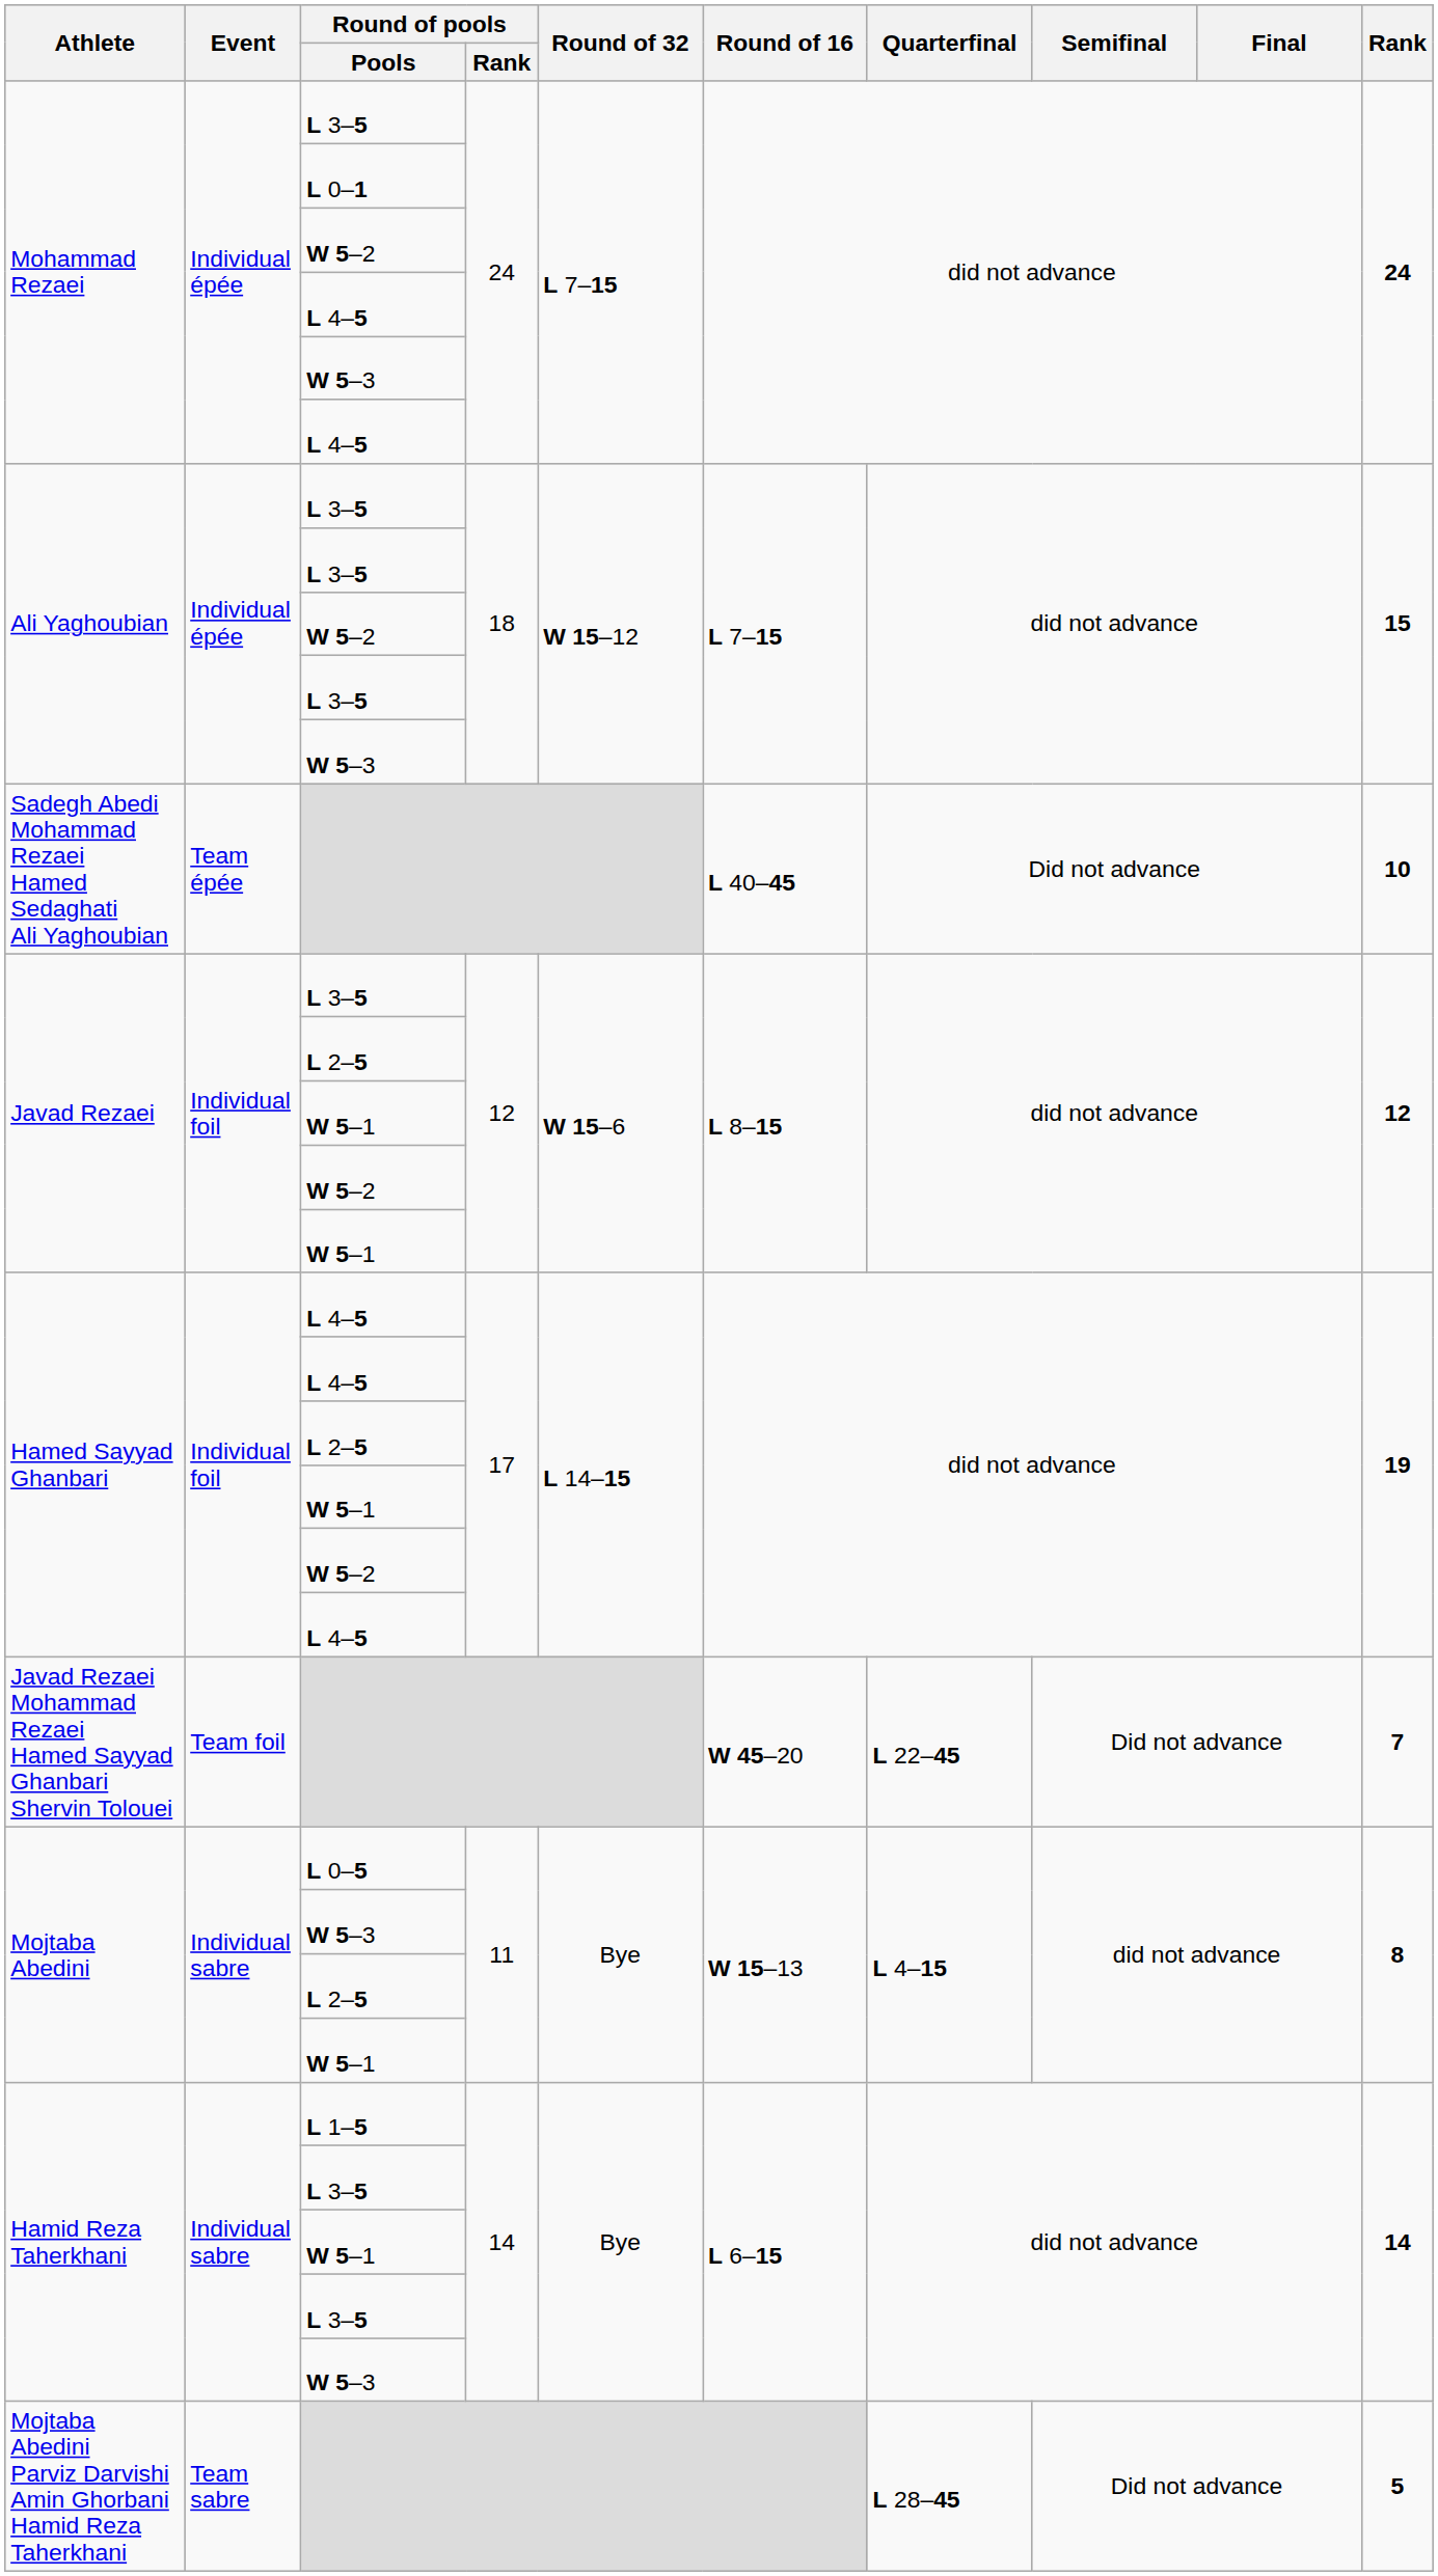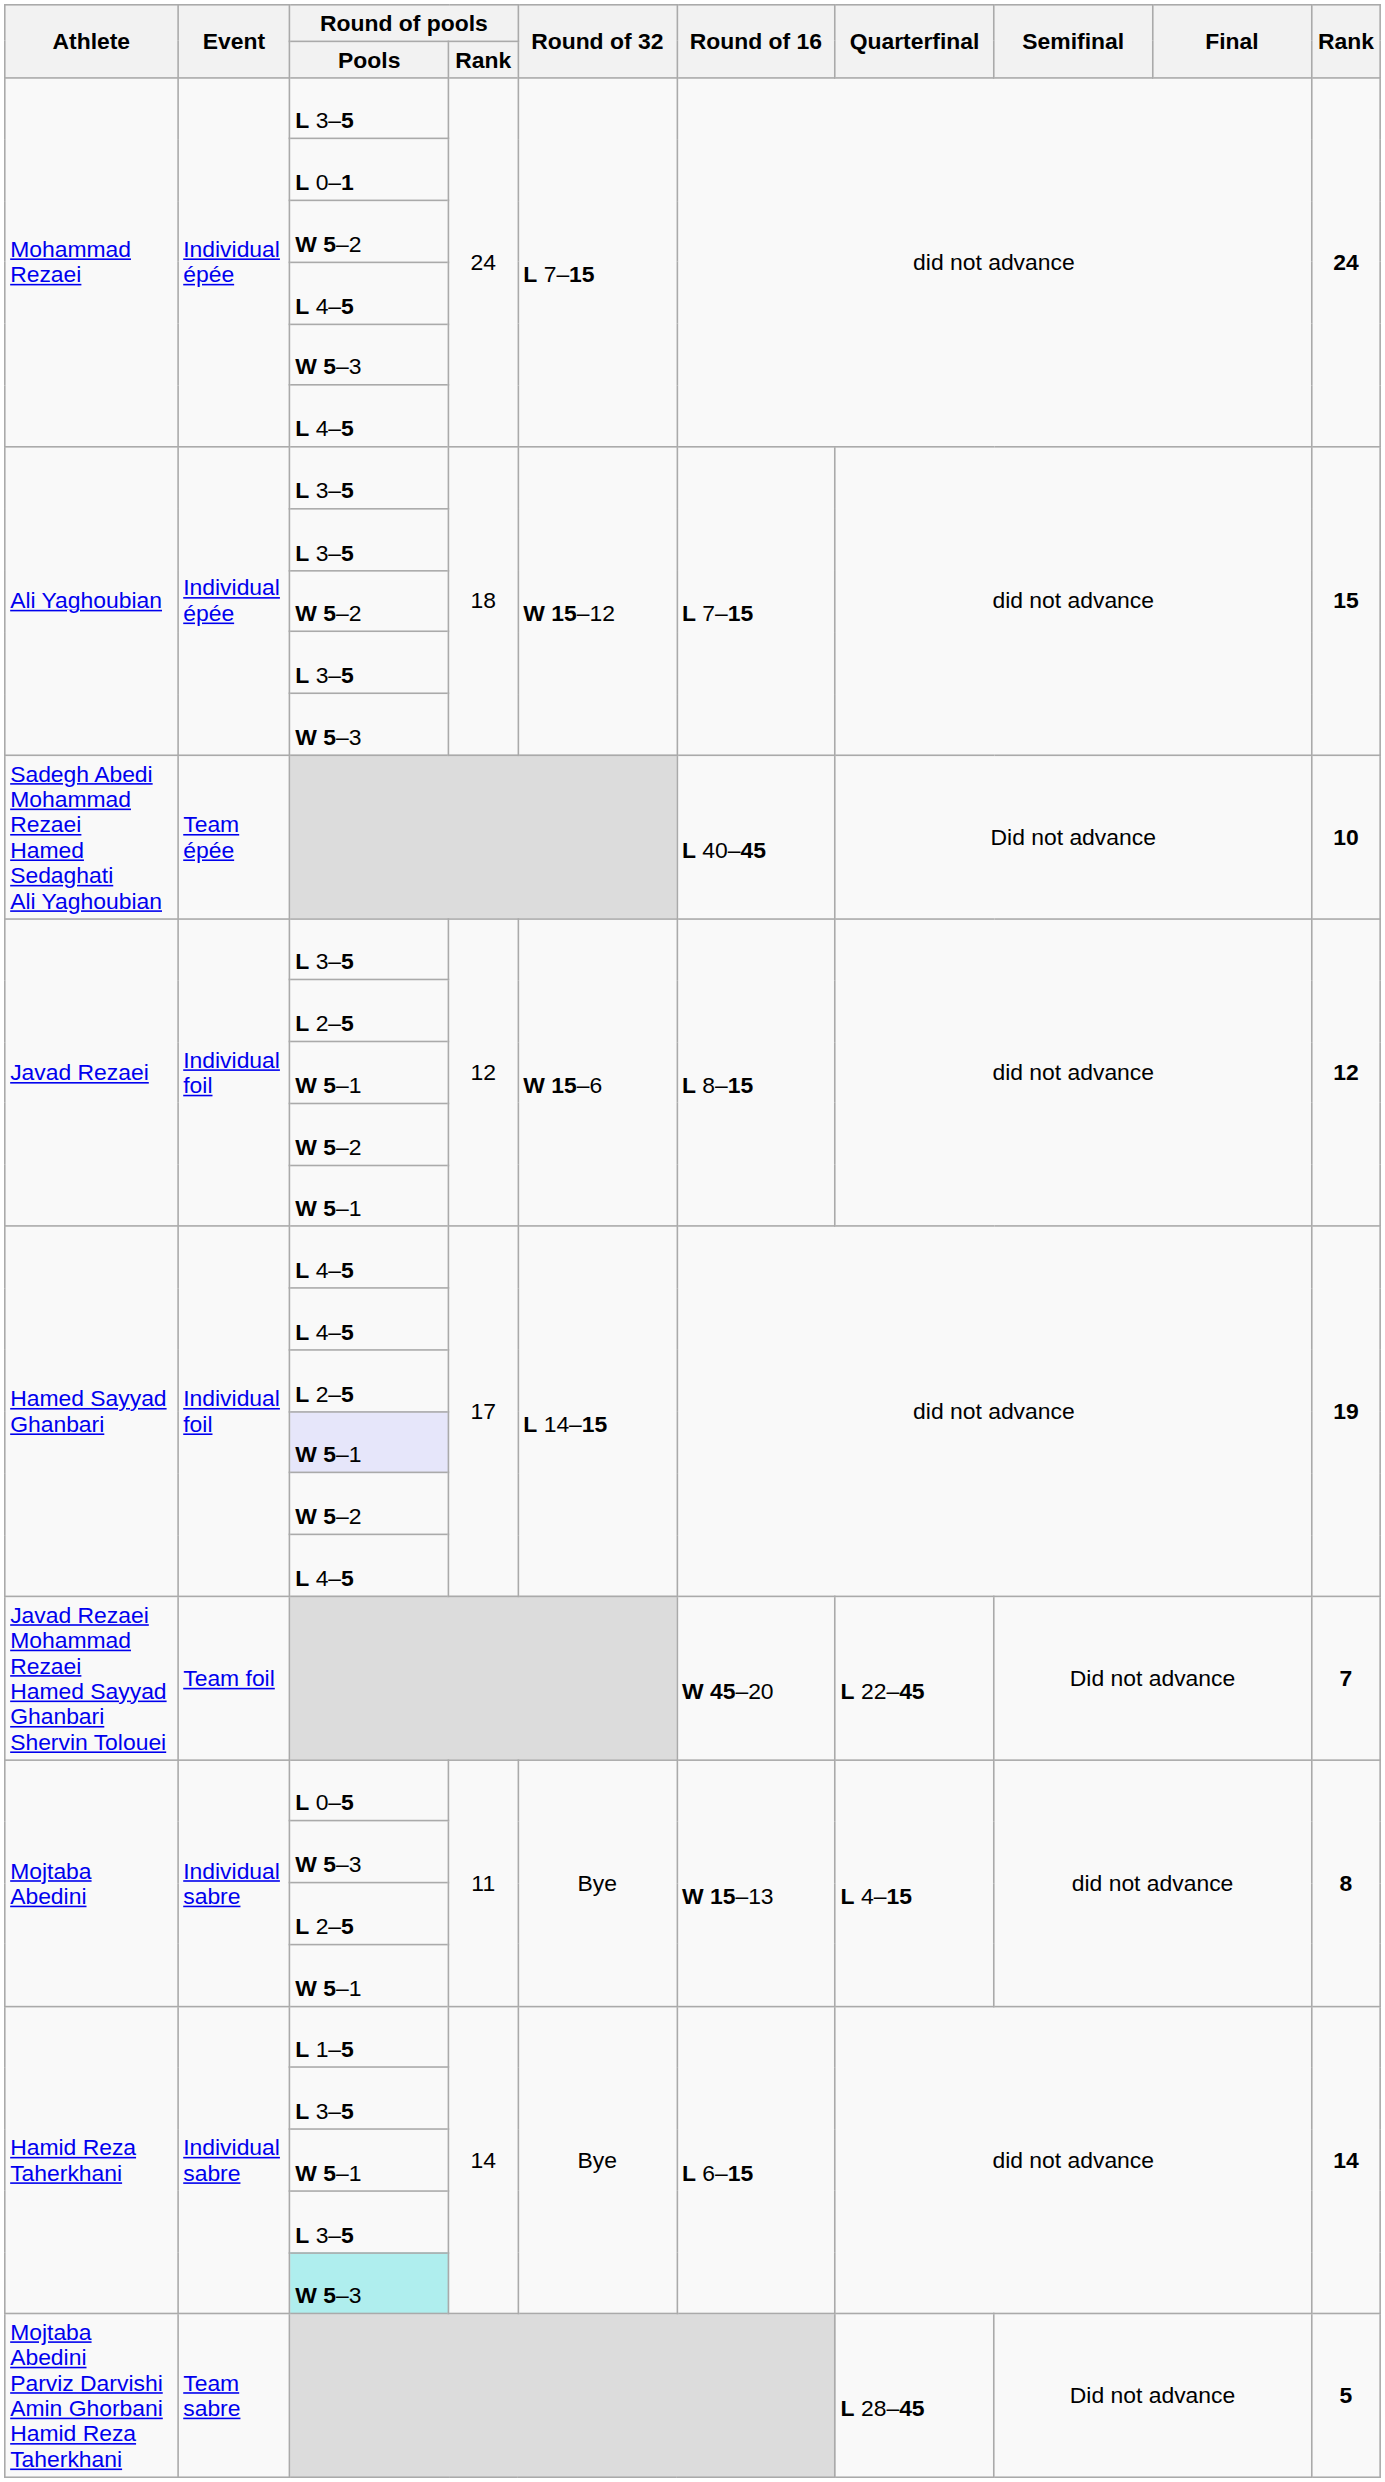 <table class="wikitable" width="98%" style="text-align:left; font-size:90%">
 <tr>
 <th rowspan="2" width="12%">Athlete</th>
 <th rowspan="2" width="7%">Event</th>
 <th colspan="2">Round of pools</th>
 <th rowspan="2" width="11%">Round of 32</th>
 <th rowspan="2" width="11%">Round of 16</th>
 <th rowspan="2" width="11%">Quarterfinal</th>
 <th rowspan="2" width="11%">Semifinal</th>
 <th rowspan="2" width="11%">Final</th>
 <th rowspan="2" width="4%">Rank</th>
 </tr>
 <tr>
 <th width="11%">Pools</th>
 <th width="4%">Rank</th>
 </tr>
 <tr>
 <td rowspan="6"><a href='#'>Mohammad Rezaei</a></td>
 <td rowspan="6"><a href='#'>Individual épée</a></td>
 <td><br><strong>L</strong> 3–<strong>5</strong></td>
 <td rowspan="6" align=center>24 <strong></strong></td>
 <td rowspan="6"><br><strong>L</strong> 7–<strong>15</strong></td>
 <td rowspan="6" colspan="4" align="center">did not advance</td>
 <td rowspan="6" align="center"><strong>24</strong></td>
 </tr>
 <tr>
 <td><br><strong>L</strong> 0–<strong>1</strong></td>
 </tr>
 <tr>
 <td><br><strong>W</strong> <strong>5</strong>–2</td>
 </tr>
 <tr>
 <td><br><strong>L</strong> 4–<strong>5</strong></td>
 </tr>
 <tr>
 <td><br><strong>W</strong> <strong>5</strong>–3</td>
 </tr>
 <tr>
 <td><br><strong>L</strong> 4–<strong>5</strong></td>
 </tr>
 <tr>
 <td rowspan="5"><a href='#'>Ali Yaghoubian</a></td>
 <td rowspan="5"><a href='#'>Individual épée</a></td>
 <td><br><strong>L</strong> 3–<strong>5</strong></td>
 <td rowspan="5" align=center>18 <strong></strong></td>
 <td rowspan="5"><br><strong>W</strong> <strong>15</strong>–12</td>
 <td rowspan="5"><br><strong>L</strong> 7–<strong>15</strong></td>
 <td rowspan="5" colspan="3" align="center">did not advance</td>
 <td rowspan="5" align="center"><strong>15</strong></td>
 </tr>
 <tr>
 <td><br><strong>L</strong> 3–<strong>5</strong></td>
 </tr>
 <tr>
 <td><br><strong>W</strong> <strong>5</strong>–2</td>
 </tr>
 <tr>
 <td><br><strong>L</strong> 3–<strong>5</strong></td>
 </tr>
 <tr>
 <td><br><strong>W</strong> <strong>5</strong>–3</td>
 </tr>
 <tr>
 <td><a href='#'>Sadegh Abedi</a><br><a href='#'>Mohammad Rezaei</a><br><a href='#'>Hamed Sedaghati</a><br><a href='#'>Ali Yaghoubian</a></td>
 <td><a href='#'>Team épée</a></td>
 <td colspan=3 bgcolor=#DCDCDC></td>
 <td><br><strong>L</strong> 40–<strong>45</strong></td>
 <td colspan=3 align=center>Did not advance</td>
 <td align="center"><strong>10</strong></td>
 </tr>
 <tr>
 <td rowspan="5"><a href='#'>Javad Rezaei</a></td>
 <td rowspan="5"><a href='#'>Individual foil</a></td>
 <td><br><strong>L</strong> 3–<strong>5</strong></td>
 <td rowspan="5" align=center>12 <strong></strong></td>
 <td rowspan="5"><br><strong>W</strong> <strong>15</strong>–6</td>
 <td rowspan="5"><br><strong>L</strong> 8–<strong>15</strong></td>
 <td rowspan="5" colspan="3" align="center">did not advance</td>
 <td rowspan="5" align="center"><strong>12</strong></td>
 </tr>
 <tr>
 <td><br><strong>L</strong> 2–<strong>5</strong></td>
 </tr>
 <tr>
 <td><br><strong>W</strong> <strong>5</strong>–1</td>
 </tr>
 <tr>
 <td><br><strong>W</strong> <strong>5</strong>–2</td>
 </tr>
 <tr>
 <td><br><strong>W</strong> <strong>5</strong>–1</td>
 </tr>
 <tr>
 <td rowspan="6"><a href='#'>Hamed Sayyad Ghanbari</a></td>
 <td rowspan="6"><a href='#'>Individual foil</a></td>
 <td><br><strong>L</strong> 4–<strong>5</strong></td>
 <td rowspan="6" align=center>17 <strong></strong></td>
 <td rowspan="6"><br><strong>L</strong> 14–<strong>15</strong></td>
 <td rowspan="6" colspan="4" align="center">did not advance</td>
 <td rowspan="6" align="center"><strong>19</strong></td>
 </tr>
 <tr>
 <td><br><strong>L</strong> 4–<strong>5</strong></td>
 </tr>
 <tr>
 <td><br><strong>L</strong> 2–<strong>5</strong></td>
 </tr>
 <tr>
-<td><br><strong>W</strong> <strong>5</strong>–1</td>
+<td style="background: lavender;"><br><strong>W</strong> <strong>5</strong>–1</td>
 </tr>
 <tr>
 <td><br><strong>W</strong> <strong>5</strong>–2</td>
 </tr>
 <tr>
 <td><br><strong>L</strong> 4–<strong>5</strong></td>
 </tr>
 <tr>
 <td><a href='#'>Javad Rezaei</a><br><a href='#'>Mohammad Rezaei</a><br><a href='#'>Hamed Sayyad Ghanbari</a><br><a href='#'>Shervin Tolouei</a></td>
 <td><a href='#'>Team foil</a></td>
 <td colspan=3 bgcolor=#DCDCDC></td>
 <td><br><strong>W</strong> <strong>45</strong>–20</td>
 <td><br><strong>L</strong> 22–<strong>45</strong></td>
 <td colspan=2 align=center>Did not advance</td>
 <td align="center"><strong>7</strong></td>
 </tr>
 <tr>
 <td rowspan="4"><a href='#'>Mojtaba Abedini</a></td>
 <td rowspan="4"><a href='#'>Individual sabre</a></td>
 <td><br><strong>L</strong> 0–<strong>5</strong></td>
 <td rowspan="4" align=center>11 <strong></strong></td>
 <td rowspan="4" align="center">Bye</td>
 <td rowspan="4"><br><strong>W</strong> <strong>15</strong>–13</td>
 <td rowspan="4"><br><strong>L</strong> 4–<strong>15</strong></td>
 <td rowspan="4" colspan="2" align="center">did not advance</td>
 <td rowspan="4" align="center"><strong>8</strong></td>
 </tr>
 <tr>
 <td><br><strong>W</strong> <strong>5</strong>–3</td>
 </tr>
 <tr>
 <td><br><strong>L</strong> 2–<strong>5</strong></td>
 </tr>
 <tr>
 <td><br><strong>W</strong> <strong>5</strong>–1</td>
 </tr>
 <tr>
 <td rowspan="5"><a href='#'>Hamid Reza Taherkhani</a></td>
 <td rowspan="5"><a href='#'>Individual sabre</a></td>
 <td><br><strong>L</strong> 1–<strong>5</strong></td>
 <td rowspan="5" align=center>14 <strong></strong></td>
 <td rowspan="5" align="center">Bye</td>
 <td rowspan="5"><br><strong>L</strong> 6–<strong>15</strong></td>
 <td rowspan="5" colspan="3" align="center">did not advance</td>
 <td rowspan="5" align="center"><strong>14</strong></td>
 </tr>
 <tr>
 <td><br><strong>L</strong> 3–<strong>5</strong></td>
 </tr>
 <tr>
 <td><br><strong>W</strong> <strong>5</strong>–1</td>
 </tr>
 <tr>
 <td><br><strong>L</strong> 3–<strong>5</strong></td>
 </tr>
 <tr>
-<td><br><strong>W</strong> <strong>5</strong>–3</td>
+<td style="background: paleturquoise;"><br><strong>W</strong> <strong>5</strong>–3</td>
 </tr>
 <tr>
 <td><a href='#'>Mojtaba Abedini</a><br><a href='#'>Parviz Darvishi</a><br><a href='#'>Amin Ghorbani</a><br><a href='#'>Hamid Reza Taherkhani</a></td>
 <td><a href='#'>Team sabre</a></td>
 <td colspan=4 bgcolor=#DCDCDC></td>
 <td><br><strong>L</strong> 28–<strong>45</strong></td>
 <td colspan=2 align=center>Did not advance</td>
 <td align="center"><strong>5</strong></td>
 </tr>
 </table>
